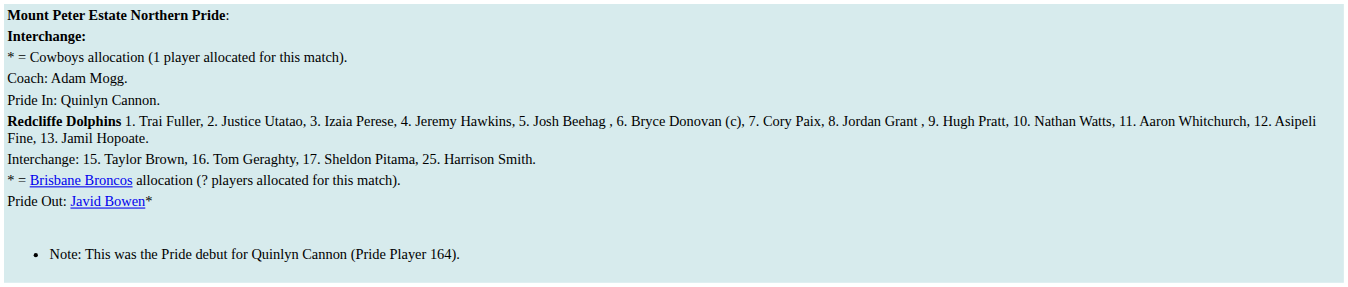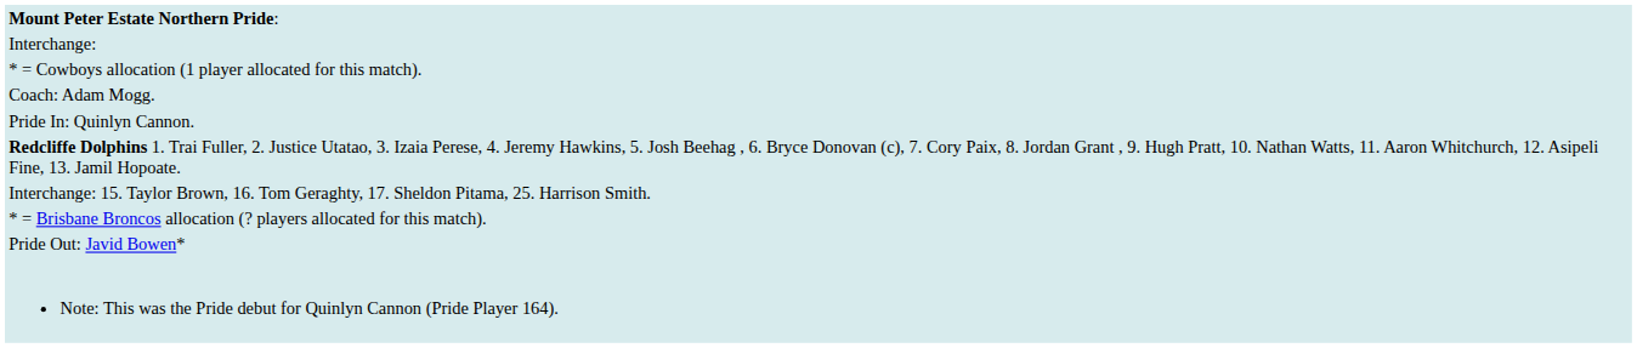 <table style="background:#d7ebed; font-size:85%; width:100%;">
 <tr>
 <td><strong>Mount Peter Estate Northern Pride</strong>:             </td>
 </tr>
 <tr>
-<td><strong>Interchange:    </strong></td>
+<td>Interchange:    </td>
 </tr>
 <tr>
 <td>* = Cowboys allocation (1 player allocated for this match).</td>
 </tr>
 <tr>
 <td>Coach: Adam Mogg.</td>
 </tr>
 <tr>
 <td>Pride In: Quinlyn Cannon.</td>
 </tr>
 <tr>
 <td><strong>Redcliffe Dolphins</strong> 1. Trai Fuller, 2. Justice Utatao, 3. Izaia Perese, 4. Jeremy Hawkins, 5. Josh Beehag    , 6. Bryce Donovan (c), 7. Cory Paix, 8. Jordan Grant    , 9. Hugh Pratt, 10. Nathan Watts, 11. Aaron Whitchurch, 12. Asipeli Fine, 13. Jamil Hopoate.</td>
 </tr>
 <tr>
 <td>Interchange: 15. Taylor Brown, 16. Tom Geraghty, 17. Sheldon Pitama, 25. Harrison Smith.</td>
 </tr>
 <tr>
 <td>* = <a href='#'>Brisbane Broncos</a> allocation (? players allocated for this match).</td>
 </tr>
 <tr>
 <td>Pride Out: <a href='#'>Javid Bowen</a>*</td>
 </tr>
 <tr>
 <td><br><ul><li>Note: This was the Pride debut for Quinlyn Cannon (Pride Player 164).</li></ul></td>
 </tr>
 <tr>
 </tr>
 </table>
